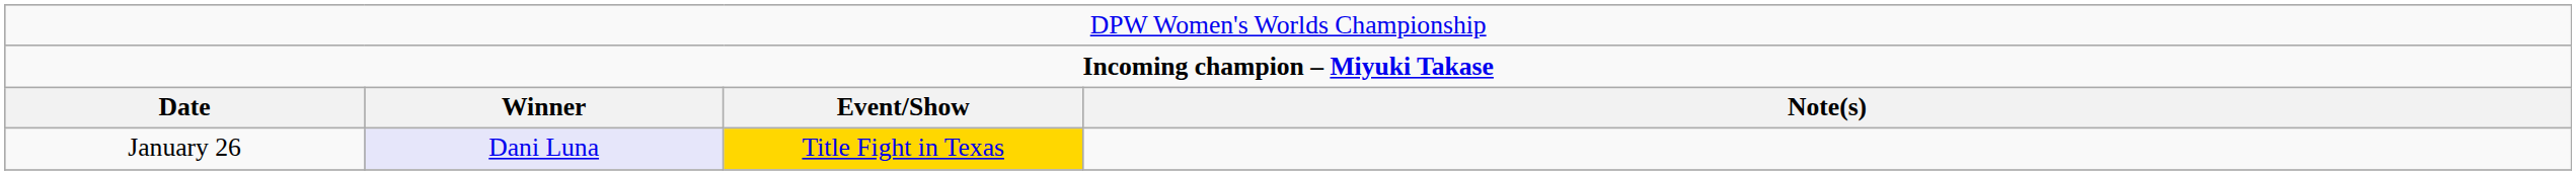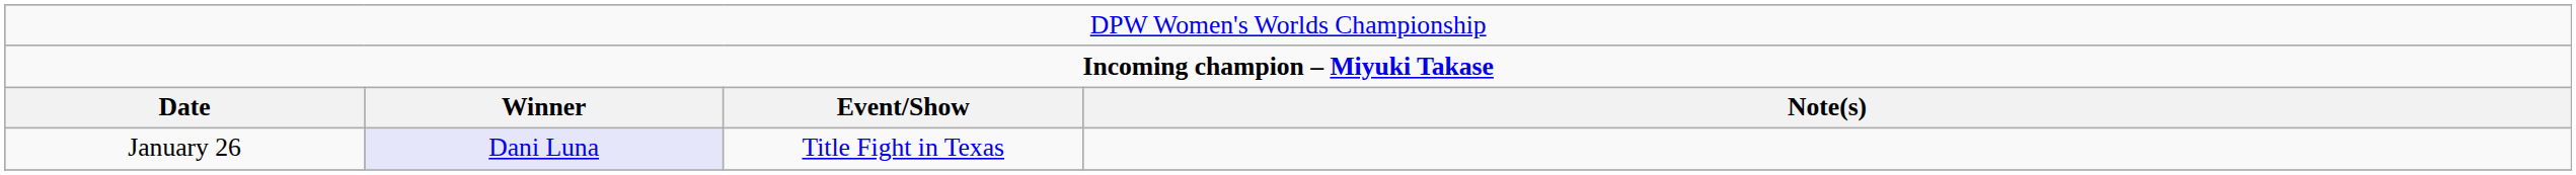 <table class="wikitable" style="text-align:center; width:100%;">
 <tr>
 <td colspan="4" style="text-align: center;"><a href='#'>DPW Women's Worlds Championship</a></td>
 </tr>
 <tr>
 <td colspan="4" style="text-align: center;"><strong>Incoming champion – <a href='#'>Miyuki Takase</a></strong></td>
 </tr>
 <tr>
 <th width=14%>Date</th>
 <th width=14%>Winner</th>
 <th width=14%>Event/Show</th>
 <th width=58%>Note(s)</th>
 </tr>
 <tr>
 <td>January 26<br></td>
 <td style="background: lavender;"><a href='#'>Dani Luna</a></td>
-<td style="background: gold;"><a href='#'>Title Fight in Texas</a></td>
+<td><a href='#'>Title Fight in Texas</a></td>
 <td></td>
 </tr>
 </table>
